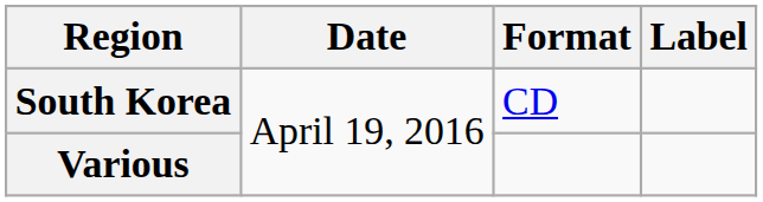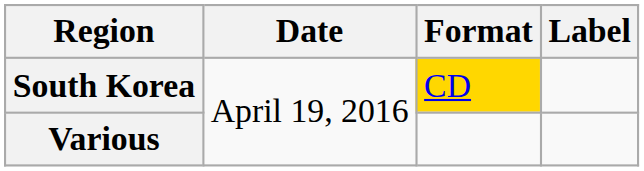 <table class="wikitable plainrowheaders">
 <tr>
 <th scope="col">Region</th>
 <th scope="col">Date</th>
 <th scope="col">Format</th>
 <th scope="col">Label</th>
 </tr>
 <tr>
 <th scope="row">South Korea</th>
 <td rowspan=2>April 19, 2016</td>
-<td><a href='#'>CD</a></td>
+<td style="background: gold;"><a href='#'>CD</a></td>
 <td></td>
 </tr>
 <tr>
 <th scope="row">Various  </th>
 <td></td>
 <td></td>
 </tr>
 </table>
